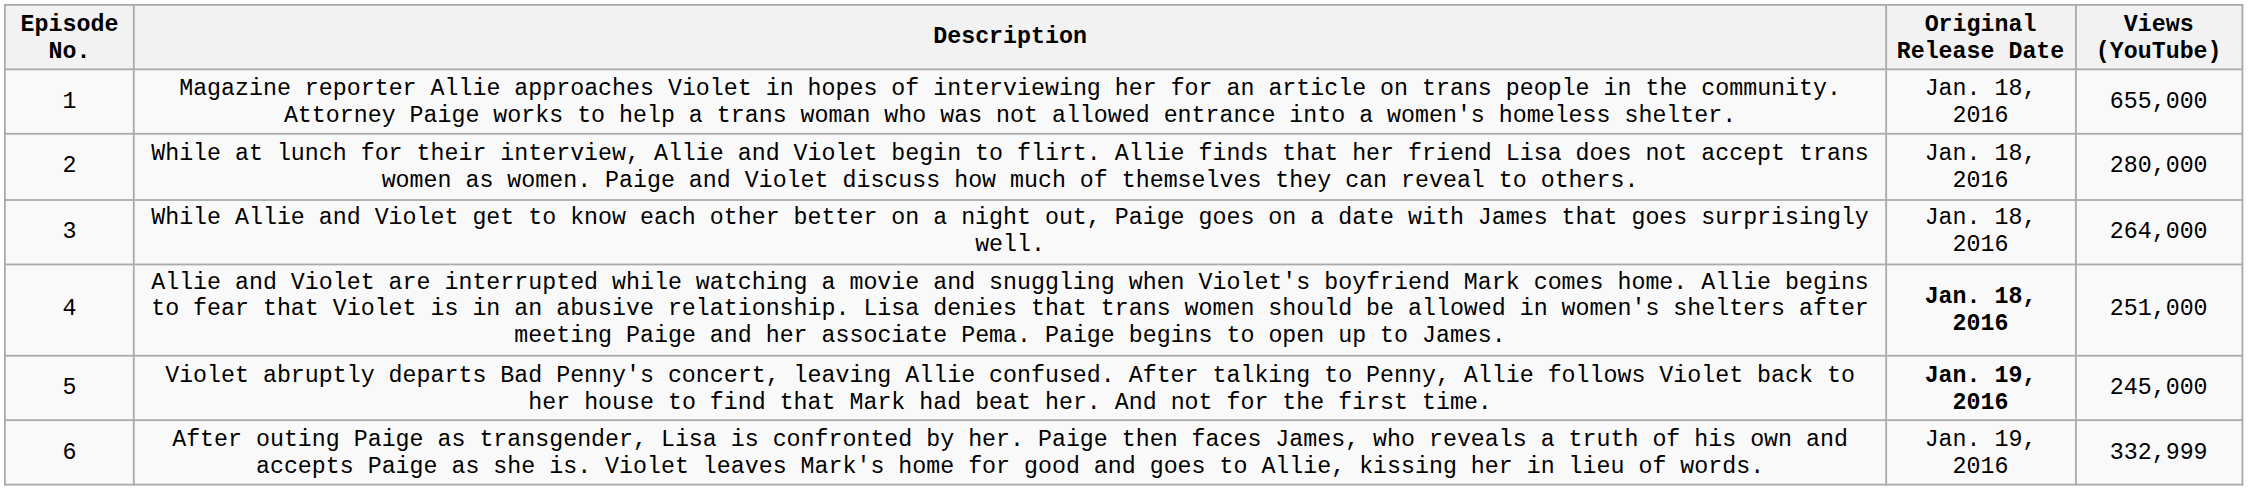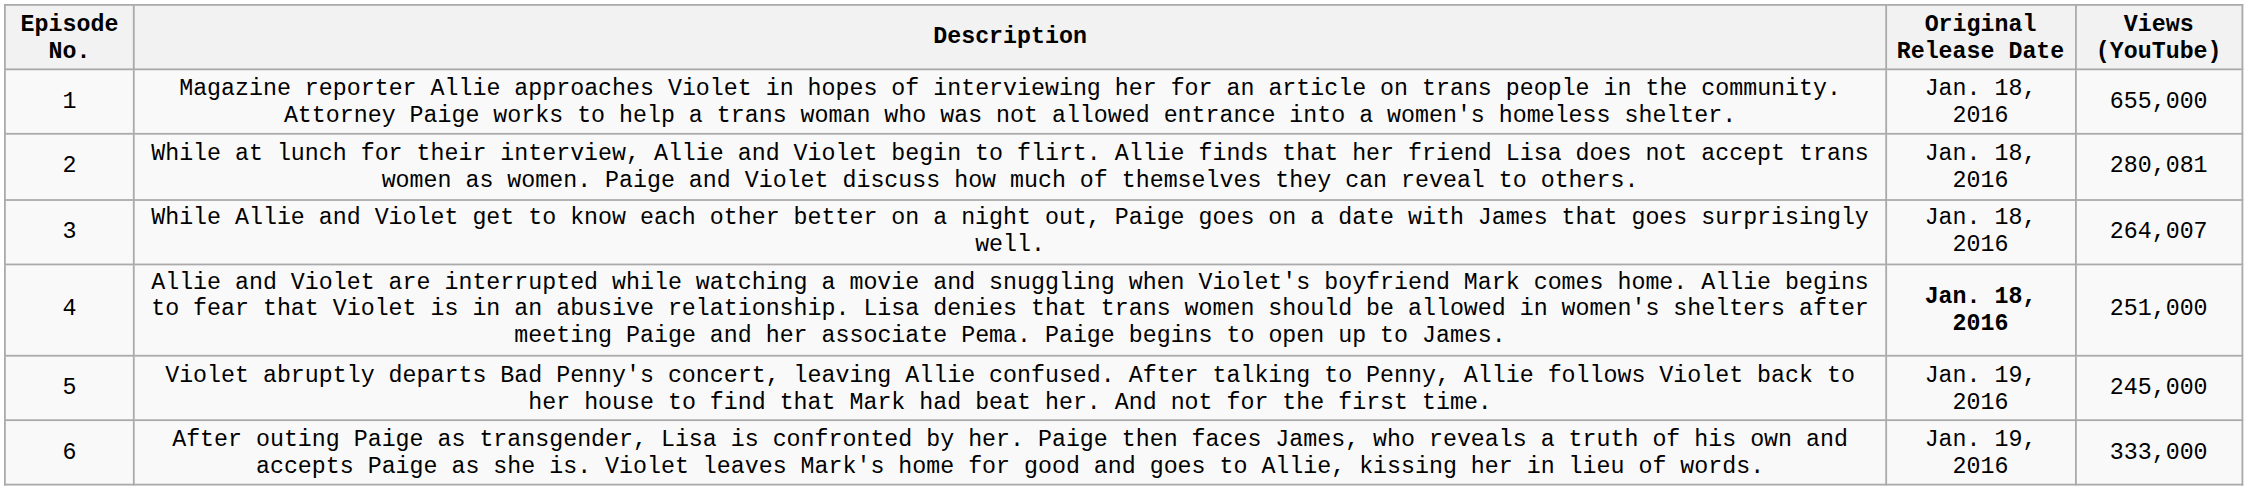 <table class="wikitable">
 <tr>
 <th>Episode No.</th>
 <th>Description</th>
 <th>Original Release Date</th>
 <th>Views (YouTube)</th>
 </tr>
 <tr align="center">
 <td>1</td>
 <td>Magazine reporter Allie approaches Violet in hopes of interviewing her for an article on trans people in the community. Attorney Paige works to help a trans woman who was not allowed entrance into a women's homeless shelter.</td>
 <td>Jan. 18, 2016</td>
 <td>655,000</td>
 </tr>
 <tr align="center">
 <td>2</td>
 <td>While at lunch for their interview, Allie and Violet begin to flirt. Allie finds that her friend Lisa does not accept trans women as women. Paige and Violet discuss how much of themselves they can reveal to others.</td>
 <td>Jan. 18, 2016</td>
-<td>280,000</td>
+<td>280,081</td>
 </tr>
 <tr align="center">
 <td>3</td>
 <td>While Allie and Violet get to know each other better on a night out, Paige goes on a date with James that goes surprisingly well.</td>
 <td>Jan. 18, 2016</td>
-<td>264,000</td>
+<td>264,007</td>
 </tr>
 <tr align="center">
 <td>4</td>
 <td>Allie and Violet are interrupted while watching a movie and snuggling when Violet's boyfriend Mark comes home. Allie begins to fear that Violet is in an abusive relationship. Lisa denies that trans women should be allowed in women's shelters after meeting Paige and her associate Pema. Paige begins to open up to James.</td>
 <td><strong>Jan. 18, 2016</strong></td>
 <td>251,000</td>
 </tr>
 <tr align="center">
 <td>5</td>
 <td>Violet abruptly departs Bad Penny's concert, leaving Allie confused. After talking to Penny, Allie follows Violet back to her house to find that Mark had beat her. And not for the first time.</td>
-<td><strong>Jan. 19, 2016</strong></td>
+<td>Jan. 19, 2016</td>
 <td>245,000</td>
 </tr>
 <tr align="center">
 <td>6</td>
 <td>After outing Paige as transgender, Lisa is confronted by her. Paige then faces James, who reveals a truth of his own and accepts Paige as she is. Violet leaves Mark's home for good and goes to Allie, kissing her in lieu of words.</td>
 <td>Jan. 19, 2016</td>
-<td>332,999</td>
+<td>333,000</td>
 </tr>
 </table>
